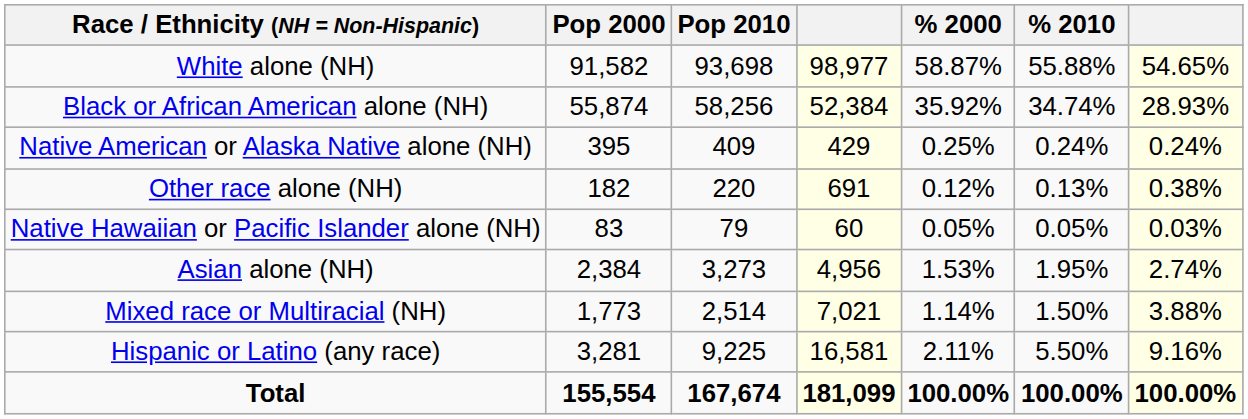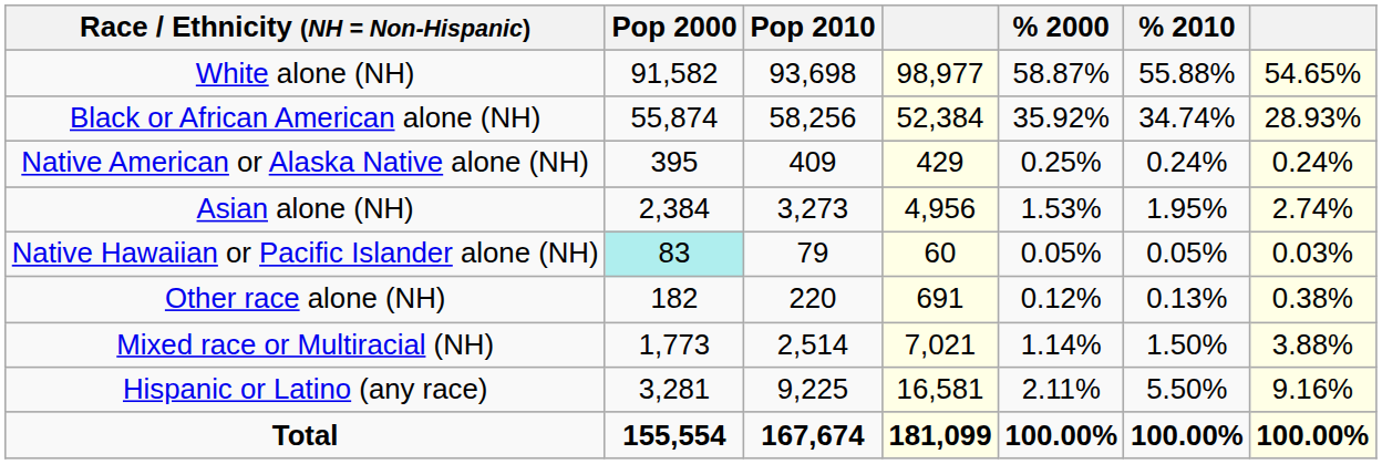 <table class="wikitable" style="text-align:center;">
 <tr>
 <th>Race / Ethnicity <small>(<em>NH = Non-Hispanic</em>)</small></th>
 <th>Pop 2000</th>
 <th>Pop 2010</th>
 <th></th>
 <th>% 2000</th>
 <th>% 2010</th>
 <th></th>
 </tr>
 <tr>
 <td><a href='#'>White</a> alone (NH)</td>
 <td>91,582</td>
 <td>93,698</td>
 <td style='background: #ffffe6;'>98,977</td>
 <td>58.87%</td>
 <td>55.88%</td>
 <td style='background: #ffffe6;'>54.65%</td>
 </tr>
 <tr>
 <td><a href='#'>Black or African American</a> alone (NH)</td>
 <td>55,874</td>
 <td>58,256</td>
 <td style='background: #ffffe6;'>52,384</td>
 <td>35.92%</td>
 <td>34.74%</td>
 <td style='background: #ffffe6;'>28.93%</td>
 </tr>
 <tr>
 <td><a href='#'>Native American</a> or <a href='#'>Alaska Native</a> alone (NH)</td>
 <td>395</td>
 <td>409</td>
 <td style='background: #ffffe6;'>429</td>
 <td>0.25%</td>
 <td>0.24%</td>
 <td style='background: #ffffe6;'>0.24%</td>
 </tr>
 <tr>
+<td><a href='#'>Asian</a> alone (NH)</td>
+<td>2,384</td>
+<td>3,273</td>
+<td style='background: #ffffe6;'>4,956</td>
+<td>1.53%</td>
+<td>1.95%</td>
+<td style='background: #ffffe6;'>2.74%</td>
+</tr>
+<tr>
+<td><a href='#'>Native Hawaiian</a> or <a href='#'>Pacific Islander</a> alone (NH)</td>
+<td style="background: paleturquoise;">83</td>
+<td>79</td>
+<td style='background: #ffffe6;'>60</td>
+<td>0.05%</td>
+<td>0.05%</td>
+<td style='background: #ffffe6;'>0.03%</td>
+</tr>
+<tr>
 <td><a href='#'>Other race</a> alone (NH)</td>
 <td>182</td>
 <td>220</td>
 <td style='background: #ffffe6;'>691</td>
 <td>0.12%</td>
 <td>0.13%</td>
 <td style='background: #ffffe6;'>0.38%</td>
-</tr>
-<tr>
-<td><a href='#'>Native Hawaiian</a> or <a href='#'>Pacific Islander</a> alone (NH)</td>
-<td>83</td>
-<td>79</td>
-<td style='background: #ffffe6;'>60</td>
-<td>0.05%</td>
-<td>0.05%</td>
-<td style='background: #ffffe6;'>0.03%</td>
-</tr>
-<tr>
-<td><a href='#'>Asian</a> alone (NH)</td>
-<td>2,384</td>
-<td>3,273</td>
-<td style='background: #ffffe6;'>4,956</td>
-<td>1.53%</td>
-<td>1.95%</td>
-<td style='background: #ffffe6;'>2.74%</td>
 </tr>
 <tr>
 <td><a href='#'>Mixed race or Multiracial</a> (NH)</td>
 <td>1,773</td>
 <td>2,514</td>
 <td style='background: #ffffe6;'>7,021</td>
 <td>1.14%</td>
 <td>1.50%</td>
 <td style='background: #ffffe6;'>3.88%</td>
 </tr>
 <tr>
 <td><a href='#'>Hispanic or Latino</a> (any race)</td>
 <td>3,281</td>
 <td>9,225</td>
 <td style='background: #ffffe6;'>16,581</td>
 <td>2.11%</td>
 <td>5.50%</td>
 <td style='background: #ffffe6;'>9.16%</td>
 </tr>
 <tr>
 <td><strong>Total</strong></td>
 <td><strong>155,554</strong></td>
 <td><strong>167,674</strong></td>
 <td style='background: #ffffe6;'><strong>181,099</strong></td>
 <td><strong>100.00%</strong></td>
 <td><strong>100.00%</strong></td>
 <td style='background: #ffffe6;'><strong>100.00%</strong></td>
 </tr>
 </table>
